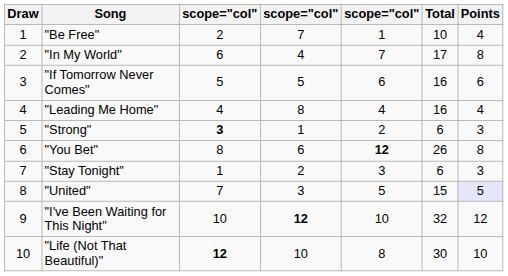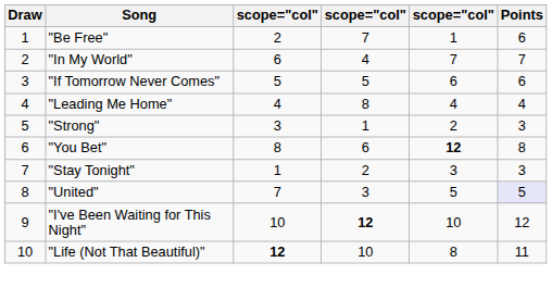 <table class="wikitable collapsible" style="margin: 1em auto 1em auto; text-align:center;">
 <tr>
 <th>Draw</th>
 <th>Song</th>
 <th>scope="col" </th>
 <th>scope="col" </th>
 <th>scope="col" </th>
-<th>Total</th>
 <th>Points</th>
 </tr>
 <tr>
 <td>1</td>
 <td align="left">"Be Free"</td>
 <td>2</td>
 <td>7</td>
 <td>1</td>
-<td>10</td>
-<td>4</td>
+<td>6</td>
 </tr>
 <tr>
 <td>2</td>
 <td align="left">"In My World"</td>
 <td>6</td>
 <td>4</td>
 <td>7</td>
-<td>17</td>
-<td>8</td>
+<td>7</td>
 </tr>
 <tr>
 <td>3</td>
 <td align="left">"If Tomorrow Never Comes"</td>
 <td>5</td>
 <td>5</td>
 <td>6</td>
-<td>16</td>
 <td>6</td>
 </tr>
 <tr>
 <td>4</td>
 <td align="left">"Leading Me Home"</td>
 <td>4</td>
 <td>8</td>
 <td>4</td>
-<td>16</td>
 <td>4</td>
 </tr>
 <tr>
 <td>5</td>
 <td align="left">"Strong"</td>
-<td><strong>3</strong></td>
+<td>3</td>
 <td>1</td>
 <td>2</td>
-<td>6</td>
 <td>3</td>
 </tr>
 <tr>
 <td>6</td>
 <td align="left">"You Bet"</td>
 <td>8</td>
 <td>6</td>
 <td><strong>12</strong></td>
-<td>26</td>
 <td>8</td>
 </tr>
 <tr>
 <td>7</td>
 <td align="left">"Stay Tonight"</td>
 <td>1</td>
 <td>2</td>
 <td>3</td>
-<td>6</td>
 <td>3</td>
 </tr>
 <tr>
 <td>8</td>
 <td align="left">"United"</td>
 <td>7</td>
 <td>3</td>
 <td>5</td>
-<td>15</td>
 <td style="background: lavender;">5</td>
 </tr>
 <tr>
 <td>9</td>
 <td align="left">"I've Been Waiting for This Night"</td>
 <td>10</td>
 <td><strong>12</strong></td>
 <td>10</td>
-<td>32</td>
 <td>12</td>
 </tr>
 <tr>
 <td>10</td>
 <td align="left">"Life (Not That Beautiful)"</td>
 <td><strong>12</strong></td>
 <td>10</td>
 <td>8</td>
-<td>30</td>
-<td>10</td>
+<td>11</td>
 </tr>
 </table>
